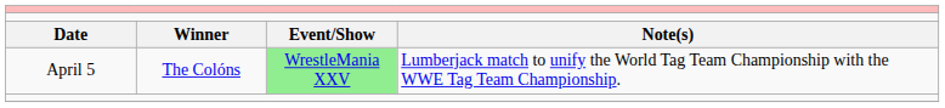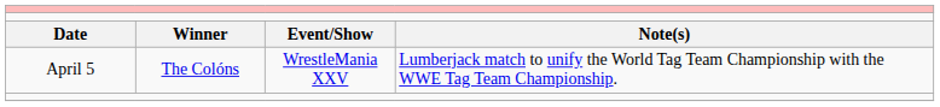 <table class="wikitable" style="text-align:center; width:100%;">
 <tr style="background:#FBB;">
 <td colspan="5"></td>
 </tr>
 <tr>
 <td colspan="5"><strong></strong></td>
 </tr>
 <tr>
 <th width=14%>Date</th>
 <th width=14%>Winner</th>
 <th width=14%>Event/Show</th>
 <th width=58%>Note(s)</th>
 </tr>
 <tr>
 <td>April 5</td>
 <td><a href='#'>The Colóns</a><br></td>
-<td style="background: lightgreen;"><a href='#'>WrestleMania XXV</a></td>
+<td><a href='#'>WrestleMania XXV</a></td>
 <td align=left><a href='#'>Lumberjack match</a> to <a href='#'>unify</a> the World Tag Team Championship with the <a href='#'>WWE Tag Team Championship</a>.</td>
 </tr>
 <tr>
 <td colspan="5"></td>
 </tr>
 <tr>
 </tr>
 </table>
